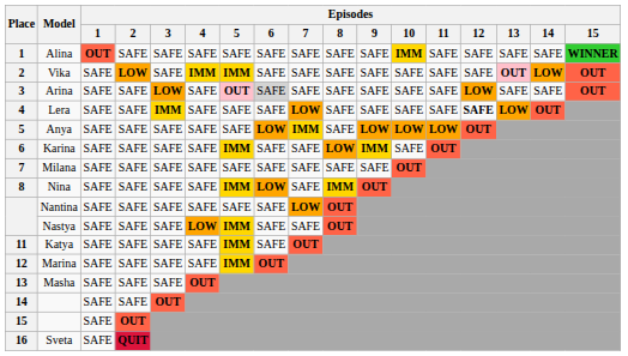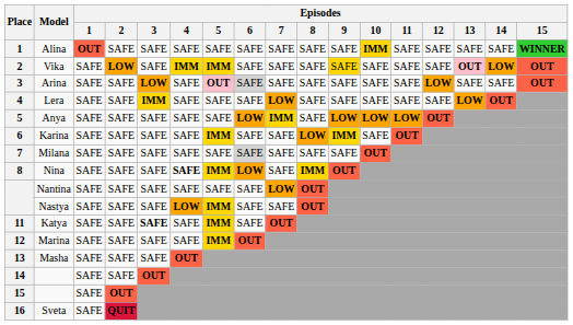 <table class="wikitable" style="text-align:center; font-size:92%">
 <tr>
 <th rowspan="2">Place</th>
 <th rowspan="2">Model</th>
 <th colspan="16">Episodes</th>
 </tr>
 <tr>
 <th>1</th>
 <th>2</th>
 <th>3</th>
 <th>4</th>
 <th>5</th>
 <th>6</th>
 <th>7</th>
 <th>8</th>
 <th>9</th>
 <th>10</th>
 <th>11</th>
 <th>12</th>
 <th>13</th>
 <th>14</th>
 <th colspan=2>15</th>
 </tr>
 <tr>
 <th>1</th>
 <td>Alina</td>
 <td style="background:tomato"><strong>OUT</strong></td>
 <td>SAFE</td>
 <td>SAFE</td>
 <td>SAFE</td>
 <td>SAFE</td>
 <td>SAFE</td>
 <td>SAFE</td>
 <td>SAFE</td>
 <td>SAFE</td>
 <td style="background:gold"><strong>IMM</strong></td>
 <td>SAFE</td>
 <td>SAFE</td>
 <td>SAFE</td>
 <td>SAFE</td>
 <td style="background:limegreen"><strong>WINNER</strong></td>
 </tr>
 <tr>
 <th>2</th>
 <td>Vika</td>
 <td>SAFE</td>
 <td style="background:orange"><strong>LOW</strong></td>
 <td>SAFE</td>
 <td style="background:gold"><strong>IMM</strong></td>
 <td style="background:gold"><strong>IMM</strong></td>
 <td>SAFE</td>
 <td>SAFE</td>
 <td>SAFE</td>
-<td>SAFE</td>
+<td style="background: gold;">SAFE</td>
 <td>SAFE</td>
 <td>SAFE</td>
 <td>SAFE</td>
 <td style="background:pink"><strong>OUT</strong></td>
 <td style="background:orange"><strong>LOW</strong></td>
 <td style="background:tomato"><strong>OUT</strong></td>
 </tr>
 <tr>
 <th>3</th>
 <td>Arina</td>
 <td>SAFE</td>
 <td>SAFE</td>
 <td style="background:orange"><strong>LOW</strong></td>
 <td>SAFE</td>
 <td style="background:pink"><strong>OUT</strong></td>
 <td style="background: lightgrey;">SAFE</td>
 <td>SAFE</td>
 <td>SAFE</td>
 <td>SAFE</td>
 <td>SAFE</td>
 <td>SAFE</td>
 <td style="background:orange"><strong>LOW</strong></td>
 <td>SAFE</td>
 <td>SAFE</td>
 <td style="background:tomato"><strong>OUT</strong></td>
 </tr>
 <tr>
 <th>4</th>
 <td>Lera</td>
 <td>SAFE</td>
 <td>SAFE</td>
 <td style="background:gold"><strong>IMM</strong></td>
 <td>SAFE</td>
 <td>SAFE</td>
 <td>SAFE</td>
 <td style="background:orange"><strong>LOW</strong></td>
 <td>SAFE</td>
 <td>SAFE</td>
 <td>SAFE</td>
 <td>SAFE</td>
-<td><strong>SAFE</strong></td>
+<td>SAFE</td>
 <td style="background:orange"><strong>LOW</strong></td>
 <td style="background:tomato"><strong>OUT</strong></td>
 <td colspan="2" style="background:darkgray"></td>
 </tr>
 <tr>
 <th>5</th>
 <td>Anya</td>
 <td>SAFE</td>
 <td>SAFE</td>
 <td>SAFE</td>
 <td>SAFE</td>
 <td>SAFE</td>
 <td style="background:orange"><strong>LOW</strong></td>
 <td style="background:gold"><strong>IMM</strong></td>
 <td>SAFE</td>
 <td style="background:orange"><strong>LOW</strong></td>
 <td style="background:orange"><strong>LOW</strong></td>
 <td style="background:orange"><strong>LOW</strong></td>
 <td style="background:tomato"><strong>OUT</strong></td>
 <td colspan="4" style="background:darkgray"></td>
 </tr>
 <tr>
 <th>6</th>
 <td>Karina</td>
 <td>SAFE</td>
 <td>SAFE</td>
 <td>SAFE</td>
 <td>SAFE</td>
 <td style="background:gold"><strong>IMM</strong></td>
 <td>SAFE</td>
 <td>SAFE</td>
 <td style="background:orange"><strong>LOW</strong></td>
 <td style="background:gold"><strong>IMM</strong></td>
 <td>SAFE</td>
 <td style="background:tomato"><strong>OUT</strong></td>
 <td colspan="5" style="background:darkgray"></td>
 </tr>
 <tr>
 <th>7</th>
 <td>Milana</td>
 <td>SAFE</td>
 <td>SAFE</td>
 <td>SAFE</td>
 <td>SAFE</td>
 <td>SAFE</td>
-<td>SAFE</td>
+<td style="background: lightgrey;">SAFE</td>
 <td>SAFE</td>
 <td>SAFE</td>
 <td>SAFE</td>
 <td style="background:tomato"><strong>OUT</strong></td>
 <td colspan="6" style="background:darkgray"></td>
 </tr>
 <tr>
 <th>8</th>
 <td>Nina</td>
 <td>SAFE</td>
 <td>SAFE</td>
 <td>SAFE</td>
-<td>SAFE</td>
+<td><strong>SAFE</strong></td>
 <td style="background:gold"><strong>IMM</strong></td>
 <td style="background:orange"><strong>LOW</strong></td>
 <td>SAFE</td>
 <td style="background:gold"><strong>IMM</strong></td>
 <td style="background:tomato"><strong>OUT</strong></td>
 <td colspan="7" style="background:darkgray"></td>
 </tr>
 <tr>
 <th rowspan=2></th>
 <td>Nantina</td>
 <td>SAFE</td>
 <td>SAFE</td>
 <td>SAFE</td>
 <td>SAFE</td>
 <td>SAFE</td>
 <td>SAFE</td>
 <td style="background:orange"><strong>LOW</strong></td>
 <td style="background:tomato"><strong>OUT</strong></td>
 <td colspan="8" style="background:darkgray"></td>
 </tr>
 <tr>
 <td>Nastya</td>
 <td>SAFE</td>
 <td>SAFE</td>
 <td>SAFE</td>
 <td style="background:orange"><strong>LOW</strong></td>
 <td style="background:gold"><strong>IMM</strong></td>
 <td>SAFE</td>
 <td>SAFE</td>
 <td style="background:tomato"><strong>OUT</strong></td>
 <td colspan="8" style="background:darkgray"></td>
 </tr>
 <tr>
 <th>11</th>
 <td>Katya</td>
 <td>SAFE</td>
 <td>SAFE</td>
-<td>SAFE</td>
+<td><strong>SAFE</strong></td>
 <td>SAFE</td>
 <td style="background:gold"><strong>IMM</strong></td>
 <td>SAFE</td>
 <td style="background:tomato"><strong>OUT</strong></td>
 <td colspan="9" style="background:darkgray"></td>
 </tr>
 <tr>
 <th>12</th>
 <td>Marina</td>
 <td>SAFE</td>
 <td>SAFE</td>
 <td>SAFE</td>
 <td>SAFE</td>
 <td style="background:gold"><strong>IMM</strong></td>
 <td style="background:tomato"><strong>OUT</strong></td>
 <td colspan="10" style="background:darkgray"></td>
 </tr>
 <tr>
 <th>13</th>
 <td>Masha</td>
 <td>SAFE</td>
 <td>SAFE</td>
 <td>SAFE</td>
 <td style="background:tomato"><strong>OUT</strong></td>
 <td colspan="12" style="background:darkgray"></td>
 </tr>
 <tr>
 <th>14</th>
 <td></td>
 <td>SAFE</td>
 <td>SAFE</td>
 <td style="background:tomato"><strong>OUT</strong></td>
 <td colspan="13" style="background:darkgray"></td>
 </tr>
 <tr>
 <th>15</th>
 <td></td>
 <td>SAFE</td>
 <td style="background:tomato"><strong>OUT</strong></td>
 <td colspan="14" style="background:darkgray"></td>
 </tr>
 <tr>
 <th>16</th>
 <td>Sveta</td>
 <td>SAFE</td>
 <td style="background:crimson;"><span><strong>QUIT</strong></span></td>
 <td colspan="15" style="background:darkgray"></td>
 </tr>
 </table>
